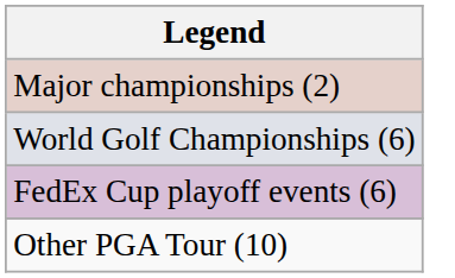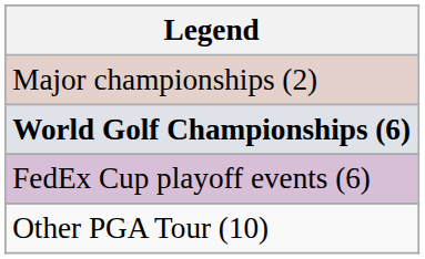 <table class="wikitable" style="font-size:95%;">
 <tr>
 <th>Legend</th>
 </tr>
 <tr style="background:#e5d1cb;">
 <td>Major championships  (2)</td>
 </tr>
 <tr style="background:#dfe2e9;">
-<td>World Golf Championships (6)</td>
+<td><strong>World Golf Championships (6)</strong></td>
 </tr>
 <tr style="background:thistle;">
 <td>FedEx Cup playoff events (6)</td>
 </tr>
 <tr>
 <td>Other PGA Tour (10)</td>
 </tr>
 </table>
